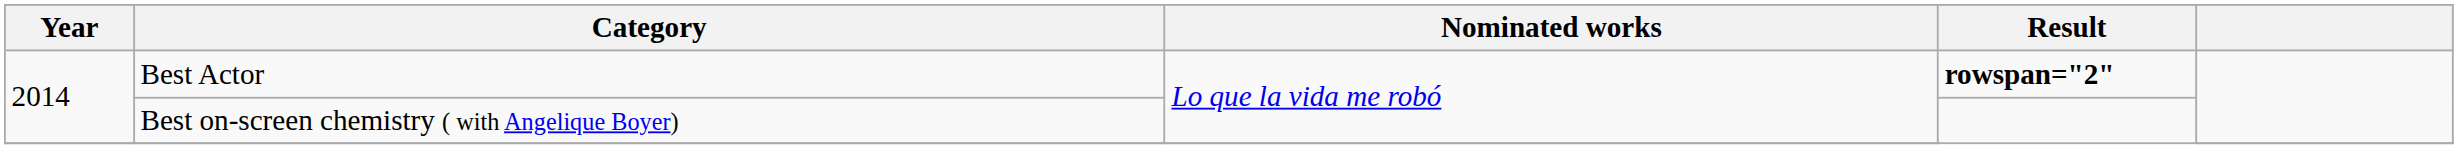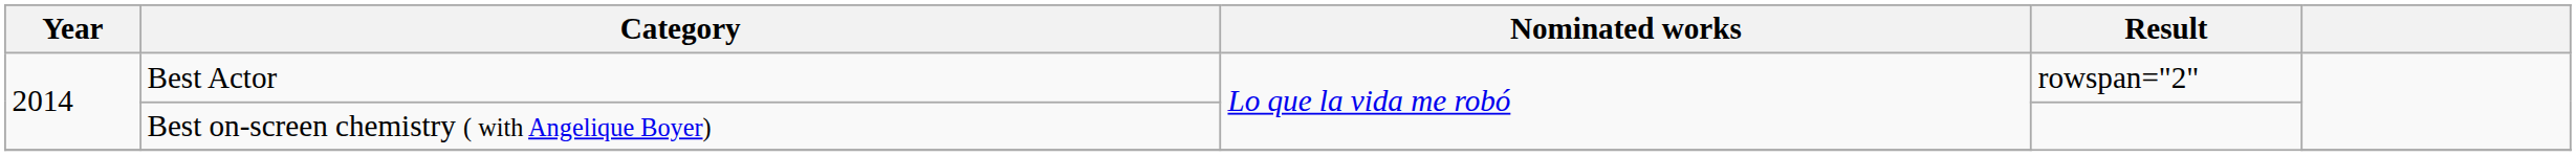 <table class="wikitable" width="85%">
 <tr>
 <th width="5%">Year</th>
 <th width="40%">Category</th>
 <th width="30%">Nominated works</th>
 <th width="10%">Result</th>
 <th width="10%"></th>
 </tr>
 <tr>
 <td rowspan="2">2014</td>
 <td>Best Actor</td>
 <td rowspan="2"><em><a href='#'>Lo que la vida me robó</a></em></td>
-<td><strong>rowspan="2" </strong></td>
+<td>rowspan="2" </td>
 <td rowspan="2"></td>
 </tr>
 <tr>
 <td>Best on-screen chemistry <small>( with <a href='#'>Angelique Boyer</a>)</small></td>
 </tr>
 <tr>
 </tr>
 </table>
